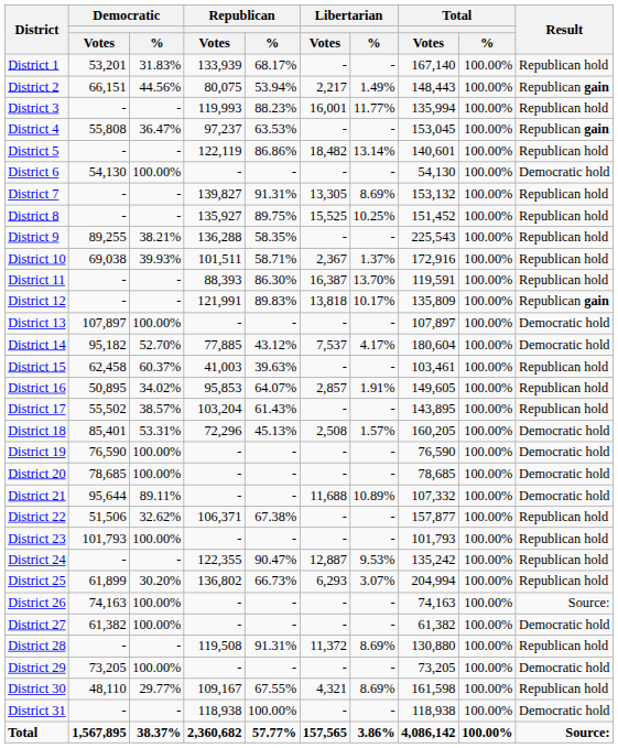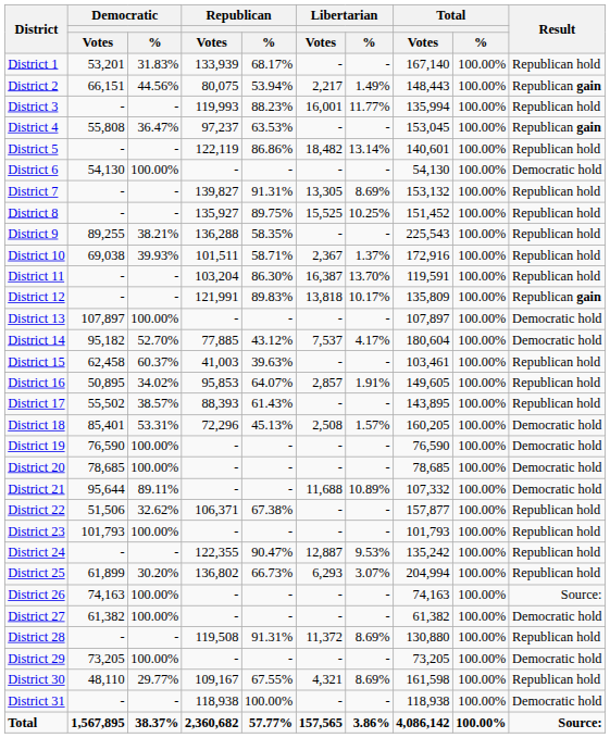 <table class="wikitable plainrowheaders sortable" style="font-size:100%; text-align:right;">
 <tr>
 <th rowspan="3">District</th>
 <th colspan="2">Democratic</th>
 <th colspan="2">Republican</th>
 <th colspan="2">Libertarian</th>
 <th colspan="2">Total</th>
 <th rowspan="3">Result</th>
 </tr>
 <tr>
 <th colspan="2" style="background:"></th>
 <th colspan="2" style="background:"></th>
 <th colspan="2" style="background:"></th>
 <th colspan="2"></th>
 </tr>
 <tr>
 <th scope=col data-sort-type="number">Votes</th>
 <th scope=col data-sort-type="number">%</th>
 <th scope=col data-sort-type="number">Votes</th>
 <th scope=col data-sort-type="number">%</th>
 <th scope=col data-sort-type="number">Votes</th>
 <th scope=col data-sort-type="number">%</th>
 <th scope=col data-sort-type="number">Votes</th>
 <th scope=col data-sort-type="number">%</th>
 </tr>
 <tr>
 <td align="left"><a href='#'>District 1</a></td>
 <td>53,201</td>
 <td>31.83%</td>
 <td>133,939</td>
 <td>68.17%</td>
 <td>-</td>
 <td>-</td>
 <td>167,140</td>
 <td>100.00%</td>
 <td align="left">Republican hold</td>
 </tr>
 <tr>
 <td align="left"><a href='#'>District 2</a></td>
 <td>66,151</td>
 <td>44.56%</td>
 <td>80,075</td>
 <td>53.94%</td>
 <td>2,217</td>
 <td>1.49%</td>
 <td>148,443</td>
 <td>100.00%</td>
 <td align="left">Republican <strong>gain</strong></td>
 </tr>
 <tr>
 <td align="left"><a href='#'>District 3</a></td>
 <td>-</td>
 <td>-</td>
 <td>119,993</td>
 <td>88.23%</td>
 <td>16,001</td>
 <td>11.77%</td>
 <td>135,994</td>
 <td>100.00%</td>
 <td align="left">Republican hold</td>
 </tr>
 <tr>
 <td align="left"><a href='#'>District 4</a></td>
 <td>55,808</td>
 <td>36.47%</td>
 <td>97,237</td>
 <td>63.53%</td>
 <td>-</td>
 <td>-</td>
 <td>153,045</td>
 <td>100.00%</td>
 <td align="left">Republican <strong>gain</strong></td>
 </tr>
 <tr>
 <td align="left"><a href='#'>District 5</a></td>
 <td>-</td>
 <td>-</td>
 <td>122,119</td>
 <td>86.86%</td>
 <td>18,482</td>
 <td>13.14%</td>
 <td>140,601</td>
 <td>100.00%</td>
 <td align="left">Republican hold</td>
 </tr>
 <tr>
 <td align="left"><a href='#'>District 6</a></td>
 <td>54,130</td>
 <td>100.00%</td>
 <td>-</td>
 <td>-</td>
 <td>-</td>
 <td>-</td>
 <td>54,130</td>
 <td>100.00%</td>
 <td align="left">Democratic hold</td>
 </tr>
 <tr>
 <td align="left"><a href='#'>District 7</a></td>
 <td>-</td>
 <td>-</td>
 <td>139,827</td>
 <td>91.31%</td>
 <td>13,305</td>
 <td>8.69%</td>
 <td>153,132</td>
 <td>100.00%</td>
 <td align="left">Republican hold</td>
 </tr>
 <tr>
 <td align="left"><a href='#'>District 8</a></td>
 <td>-</td>
 <td>-</td>
 <td>135,927</td>
 <td>89.75%</td>
 <td>15,525</td>
 <td>10.25%</td>
 <td>151,452</td>
 <td>100.00%</td>
 <td align="left">Republican hold</td>
 </tr>
 <tr>
 <td align="left"><a href='#'>District 9</a></td>
 <td>89,255</td>
 <td>38.21%</td>
 <td>136,288</td>
 <td>58.35%</td>
 <td>-</td>
 <td>-</td>
 <td>225,543</td>
 <td>100.00%</td>
 <td align="left">Republican hold</td>
 </tr>
 <tr>
 <td align="left"><a href='#'>District 10</a></td>
 <td>69,038</td>
 <td>39.93%</td>
 <td>101,511</td>
 <td>58.71%</td>
 <td>2,367</td>
 <td>1.37%</td>
 <td>172,916</td>
 <td>100.00%</td>
 <td align="left">Republican hold</td>
 </tr>
 <tr>
 <td align="left"><a href='#'>District 11</a></td>
 <td>-</td>
 <td>-</td>
-<td>88,393</td>
+<td>103,204</td>
 <td>86.30%</td>
 <td>16,387</td>
 <td>13.70%</td>
 <td>119,591</td>
 <td>100.00%</td>
 <td align="left">Republican hold</td>
 </tr>
 <tr>
 <td align="left"><a href='#'>District 12</a></td>
 <td>-</td>
 <td>-</td>
 <td>121,991</td>
 <td>89.83%</td>
 <td>13,818</td>
 <td>10.17%</td>
 <td>135,809</td>
 <td>100.00%</td>
 <td align="left">Republican <strong>gain</strong></td>
 </tr>
 <tr>
 <td align="left"><a href='#'>District 13</a></td>
 <td>107,897</td>
 <td>100.00%</td>
 <td>-</td>
 <td>-</td>
 <td>-</td>
 <td>-</td>
 <td>107,897</td>
 <td>100.00%</td>
 <td align="left">Democratic hold</td>
 </tr>
 <tr>
 <td align="left"><a href='#'>District 14</a></td>
 <td>95,182</td>
 <td>52.70%</td>
 <td>77,885</td>
 <td>43.12%</td>
 <td>7,537</td>
 <td>4.17%</td>
 <td>180,604</td>
 <td>100.00%</td>
 <td align="left">Democratic hold</td>
 </tr>
 <tr>
 <td align="left"><a href='#'>District 15</a></td>
 <td>62,458</td>
 <td>60.37%</td>
 <td>41,003</td>
 <td>39.63%</td>
 <td>-</td>
 <td>-</td>
 <td>103,461</td>
 <td>100.00%</td>
 <td align="left">Republican hold</td>
 </tr>
 <tr>
 <td align="left"><a href='#'>District 16</a></td>
 <td>50,895</td>
 <td>34.02%</td>
 <td>95,853</td>
 <td>64.07%</td>
 <td>2,857</td>
 <td>1.91%</td>
 <td>149,605</td>
 <td>100.00%</td>
 <td align="left">Republican hold</td>
 </tr>
 <tr>
 <td align="left"><a href='#'>District 17</a></td>
 <td>55,502</td>
 <td>38.57%</td>
-<td>103,204</td>
+<td>88,393</td>
 <td>61.43%</td>
 <td>-</td>
 <td>-</td>
 <td>143,895</td>
 <td>100.00%</td>
 <td align="left">Republican hold</td>
 </tr>
 <tr>
 <td align="left"><a href='#'>District 18</a></td>
 <td>85,401</td>
 <td>53.31%</td>
 <td>72,296</td>
 <td>45.13%</td>
 <td>2,508</td>
 <td>1.57%</td>
 <td>160,205</td>
 <td>100.00%</td>
 <td align="left">Democratic hold</td>
 </tr>
 <tr>
 <td align="left"><a href='#'>District 19</a></td>
 <td>76,590</td>
 <td>100.00%</td>
 <td>-</td>
 <td>-</td>
 <td>-</td>
 <td>-</td>
 <td>76,590</td>
 <td>100.00%</td>
 <td align="left">Democratic hold</td>
 </tr>
 <tr>
 <td align="left"><a href='#'>District 20</a></td>
 <td>78,685</td>
 <td>100.00%</td>
 <td>-</td>
 <td>-</td>
 <td>-</td>
 <td>-</td>
 <td>78,685</td>
 <td>100.00%</td>
 <td align="left">Democratic hold</td>
 </tr>
 <tr>
 <td align="left"><a href='#'>District 21</a></td>
 <td>95,644</td>
 <td>89.11%</td>
 <td>-</td>
 <td>-</td>
 <td>11,688</td>
 <td>10.89%</td>
 <td>107,332</td>
 <td>100.00%</td>
 <td align="left">Democratic hold</td>
 </tr>
 <tr>
 <td align="left"><a href='#'>District 22</a></td>
 <td>51,506</td>
 <td>32.62%</td>
 <td>106,371</td>
 <td>67.38%</td>
 <td>-</td>
 <td>-</td>
 <td>157,877</td>
 <td>100.00%</td>
 <td align="left">Republican hold</td>
 </tr>
 <tr>
 <td align="left"><a href='#'>District 23</a></td>
 <td>101,793</td>
 <td>100.00%</td>
 <td>-</td>
 <td>-</td>
 <td>-</td>
 <td>-</td>
 <td>101,793</td>
 <td>100.00%</td>
 <td align="left">Republican hold</td>
 </tr>
 <tr>
 <td align="left"><a href='#'>District 24</a></td>
 <td>-</td>
 <td>-</td>
 <td>122,355</td>
 <td>90.47%</td>
 <td>12,887</td>
 <td>9.53%</td>
 <td>135,242</td>
 <td>100.00%</td>
 <td align="left">Republican hold</td>
 </tr>
 <tr>
 <td align="left"><a href='#'>District 25</a></td>
 <td>61,899</td>
 <td>30.20%</td>
 <td>136,802</td>
 <td>66.73%</td>
 <td>6,293</td>
 <td>3.07%</td>
 <td>204,994</td>
 <td>100.00%</td>
 <td align="left">Republican hold</td>
 </tr>
 <tr>
 <td align="left"><a href='#'>District 26</a></td>
 <td>74,163</td>
 <td>100.00%</td>
 <td>-</td>
 <td>-</td>
 <td>-</td>
 <td>-</td>
 <td>74,163</td>
 <td>100.00%</td>
 <td>Source:</td>
 </tr>
 <tr>
 <td align="left"><a href='#'>District 27</a></td>
 <td>61,382</td>
 <td>100.00%</td>
 <td>-</td>
 <td>-</td>
 <td>-</td>
 <td>-</td>
 <td>61,382</td>
 <td>100.00%</td>
 <td align="left">Democratic hold</td>
 </tr>
 <tr>
 <td align="left"><a href='#'>District 28</a></td>
 <td>-</td>
 <td>-</td>
 <td>119,508</td>
 <td>91.31%</td>
 <td>11,372</td>
 <td>8.69%</td>
 <td>130,880</td>
 <td>100.00%</td>
 <td align="left">Republican hold</td>
 </tr>
 <tr>
 <td align="left"><a href='#'>District 29</a></td>
 <td>73,205</td>
 <td>100.00%</td>
 <td>-</td>
 <td>-</td>
 <td>-</td>
 <td>-</td>
 <td>73,205</td>
 <td>100.00%</td>
 <td align="left">Democratic hold</td>
 </tr>
 <tr>
 <td align="left"><a href='#'>District 30</a></td>
 <td>48,110</td>
 <td>29.77%</td>
 <td>109,167</td>
 <td>67.55%</td>
 <td>4,321</td>
 <td>8.69%</td>
 <td>161,598</td>
 <td>100.00%</td>
 <td align="left">Republican hold</td>
 </tr>
 <tr>
 <td align="left"><a href='#'>District 31</a></td>
 <td>-</td>
 <td>-</td>
 <td>118,938</td>
 <td>100.00%</td>
 <td>-</td>
 <td>-</td>
 <td>118,938</td>
 <td>100.00%</td>
 <td align="left">Democratic hold</td>
 </tr>
 <tr class="sortbottom" style="font-weight:bold">
 <td align="left">Total</td>
 <td>1,567,895</td>
 <td>38.37%</td>
 <td>2,360,682</td>
 <td>57.77%</td>
 <td>157,565</td>
 <td>3.86%</td>
 <td>4,086,142</td>
 <td>100.00%</td>
 <td>Source:</td>
 </tr>
 </table>
